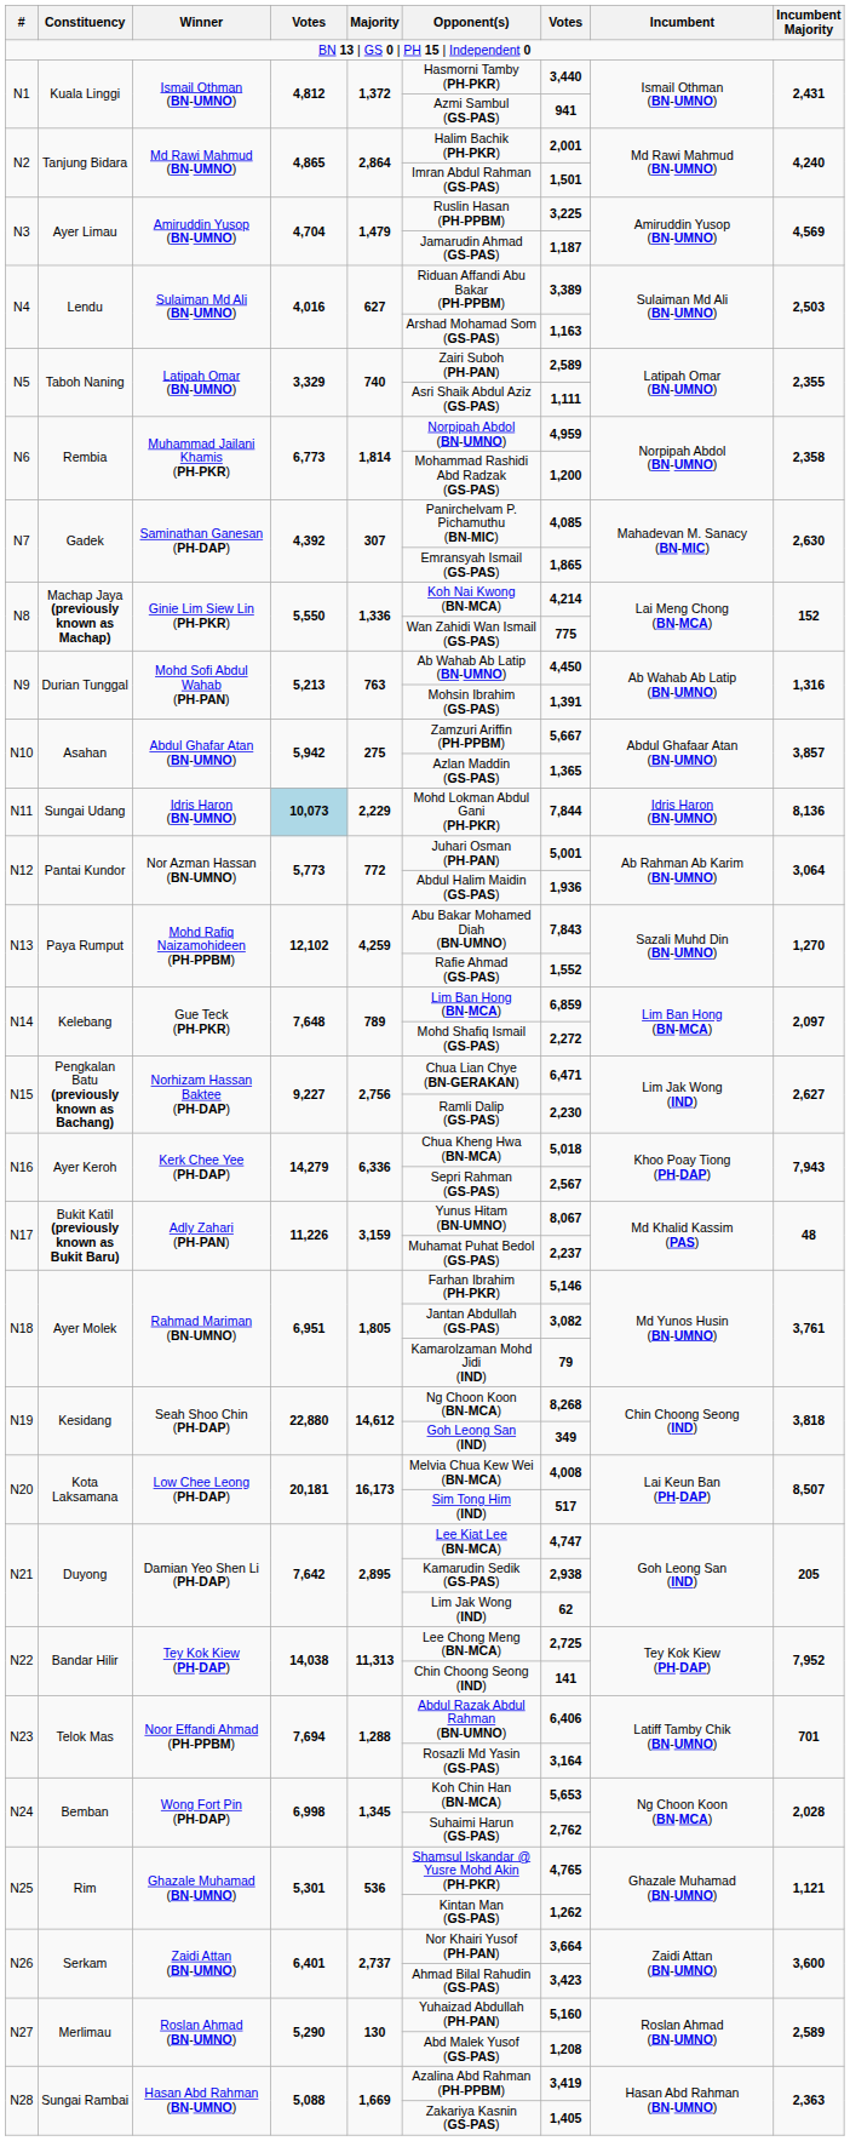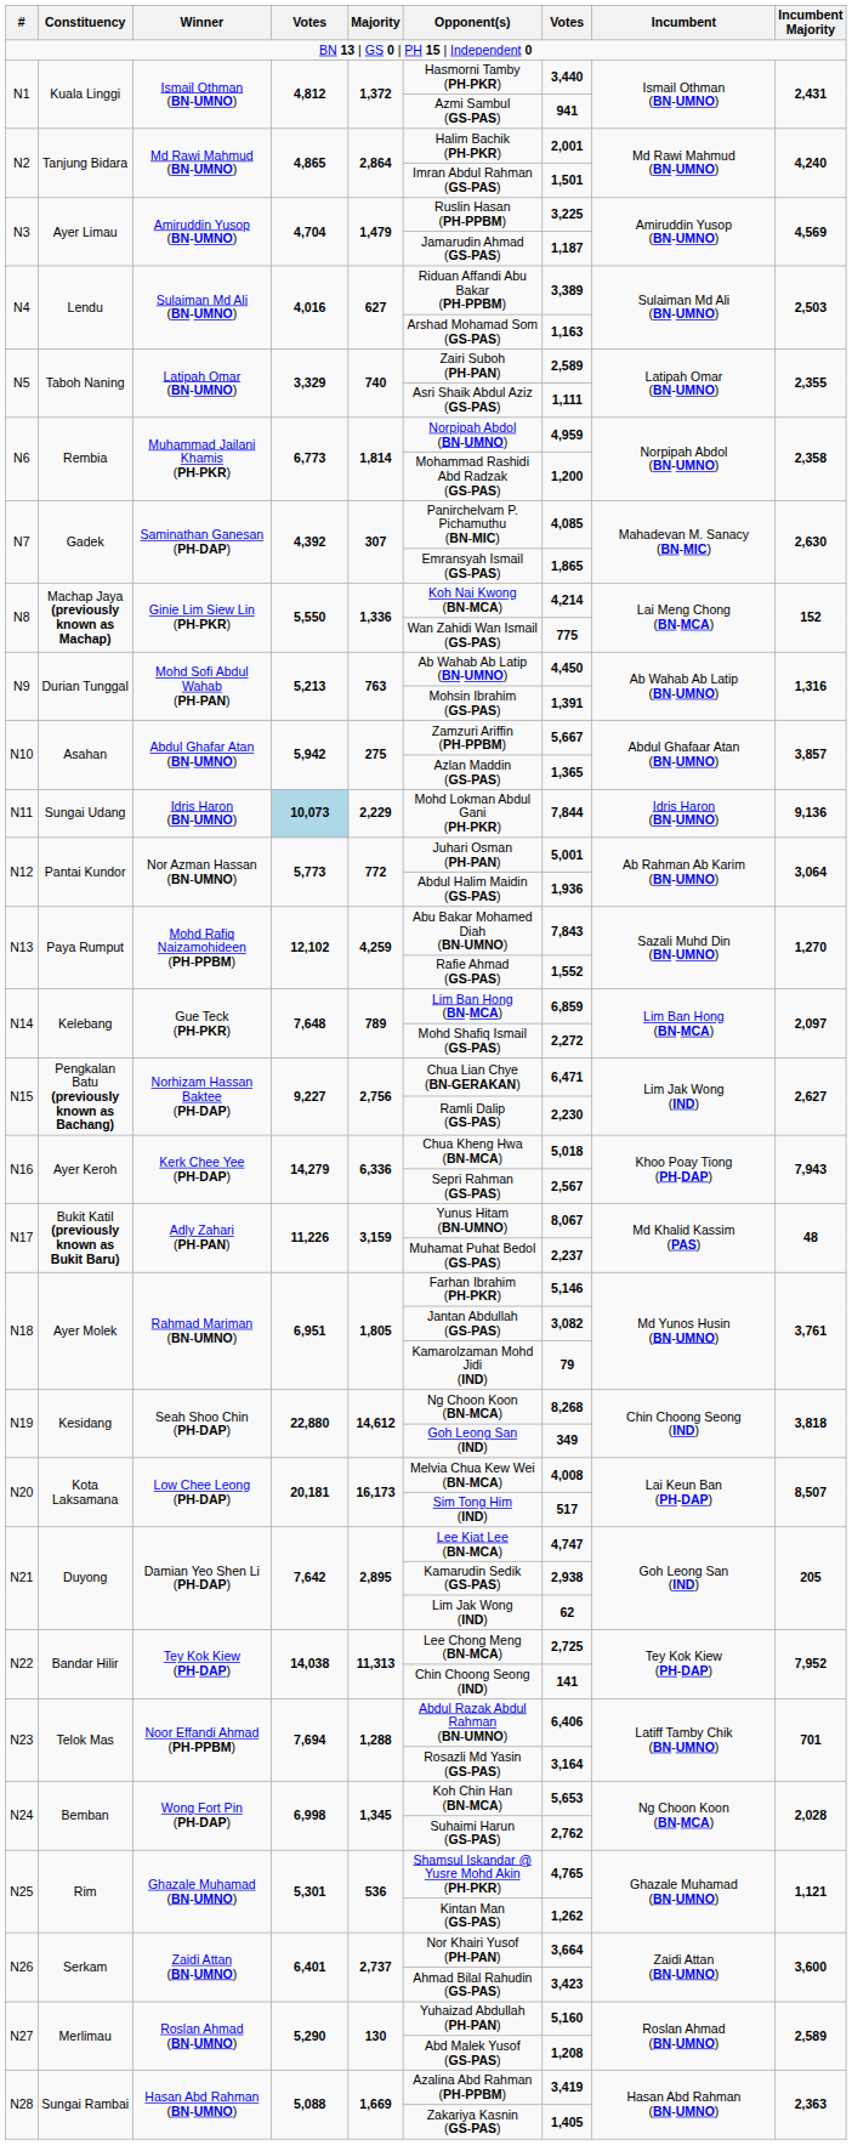 <table class="wikitable" style="text-align:center; font-size:90%">
 <tr>
 <th width="30">#</th>
 <th width="100">Constituency</th>
 <th width="150">Winner</th>
 <th width="80">Votes</th>
 <th width="50">Majority</th>
 <th width="150">Opponent(s)</th>
 <th width="50">Votes</th>
 <th width="200">Incumbent</th>
 <th width="50">Incumbent Majority</th>
 </tr>
 <tr>
 <td colspan="14"><a href='#'>BN</a> <strong>13</strong> | <a href='#'>GS</a> <strong>0</strong> | <a href='#'>PH</a> <strong>15</strong> | <a href='#'>Independent</a> <strong>0</strong></td>
 </tr>
 <tr align="center">
 <td rowspan="2">N1</td>
 <td rowspan="2">Kuala Linggi</td>
 <td rowspan="2"><a href='#'>Ismail Othman</a> <br> (<strong><a href='#'>BN</a></strong>-<strong><a href='#'>UMNO</a></strong>)</td>
 <td rowspan="2"><strong>4,812</strong></td>
 <td rowspan="2"><strong>1,372</strong></td>
 <td>Hasmorni Tamby <br>  (<strong>PH</strong>-<strong>PKR</strong>)</td>
 <td><strong>3,440</strong></td>
 <td rowspan="2">Ismail Othman <br> (<strong><a href='#'>BN</a></strong>-<strong><a href='#'>UMNO</a></strong>)</td>
 <td rowspan="2"><strong>2,431</strong></td>
 </tr>
 <tr>
 <td>Azmi Sambul <br>  (<strong>GS</strong>-<strong>PAS</strong>)</td>
 <td><strong>941</strong></td>
 </tr>
 <tr align="center">
 <td rowspan="2">N2</td>
 <td rowspan="2">Tanjung Bidara</td>
 <td rowspan="2"><a href='#'>Md Rawi Mahmud</a> <br> (<strong><a href='#'>BN</a></strong>-<strong><a href='#'>UMNO</a></strong>)</td>
 <td rowspan="2"><strong>4,865</strong></td>
 <td rowspan="2"><strong>2,864</strong></td>
 <td>Halim Bachik <br>  (<strong>PH</strong>-<strong>PKR</strong>)</td>
 <td><strong>2,001</strong></td>
 <td rowspan="2">Md Rawi Mahmud <br> (<strong><a href='#'>BN</a></strong>-<strong><a href='#'>UMNO</a></strong>)</td>
 <td rowspan="2"><strong>4,240</strong></td>
 </tr>
 <tr>
 <td>Imran Abdul Rahman <br>  (<strong>GS</strong>-<strong>PAS</strong>)</td>
 <td><strong>1,501</strong></td>
 </tr>
 <tr align="center">
 <td rowspan="2">N3</td>
 <td rowspan="2">Ayer Limau</td>
 <td rowspan="2"><a href='#'>Amiruddin Yusop</a> <br> (<strong><a href='#'>BN</a></strong>-<strong><a href='#'>UMNO</a></strong>)</td>
 <td rowspan="2"><strong>4,704</strong></td>
 <td rowspan="2"><strong>1,479</strong></td>
 <td>Ruslin Hasan <br>  (<strong>PH</strong>-<strong>PPBM</strong>)</td>
 <td><strong>3,225</strong></td>
 <td rowspan="2">Amiruddin Yusop <br> (<strong><a href='#'>BN</a></strong>-<strong><a href='#'>UMNO</a></strong>)</td>
 <td rowspan="2"><strong>4,569</strong></td>
 </tr>
 <tr>
 <td>Jamarudin Ahmad <br>  (<strong>GS</strong>-<strong>PAS</strong>)</td>
 <td><strong>1,187</strong></td>
 </tr>
 <tr align="center">
 <td rowspan="2">N4</td>
 <td rowspan="2">Lendu</td>
 <td rowspan="2"><a href='#'>Sulaiman Md Ali</a> <br> (<strong><a href='#'>BN</a></strong>-<strong><a href='#'>UMNO</a></strong>)</td>
 <td rowspan="2"><strong>4,016</strong></td>
 <td rowspan="2"><strong>627</strong></td>
 <td>Riduan Affandi Abu Bakar <br>  (<strong>PH</strong>-<strong>PPBM</strong>)</td>
 <td><strong>3,389</strong></td>
 <td rowspan="2">Sulaiman Md Ali <br> (<strong><a href='#'>BN</a></strong>-<strong><a href='#'>UMNO</a></strong>)</td>
 <td rowspan="2"><strong>2,503</strong></td>
 </tr>
 <tr>
 <td>Arshad Mohamad Som <br>  (<strong>GS</strong>-<strong>PAS</strong>)</td>
 <td><strong>1,163</strong></td>
 </tr>
 <tr align="center">
 <td rowspan="2">N5</td>
 <td rowspan="2">Taboh Naning</td>
 <td rowspan="2"><a href='#'>Latipah Omar</a> <br> (<strong><a href='#'>BN</a></strong>-<strong><a href='#'>UMNO</a></strong>)</td>
 <td rowspan="2"><strong>3,329</strong></td>
 <td rowspan="2"><strong>740</strong></td>
 <td>Zairi Suboh <br>  (<strong>PH</strong>-<strong>PAN</strong>)</td>
 <td><strong>2,589</strong></td>
 <td rowspan="2">Latipah Omar <br> (<strong><a href='#'>BN</a></strong>-<strong><a href='#'>UMNO</a></strong>)</td>
 <td rowspan="2"><strong>2,355</strong></td>
 </tr>
 <tr>
 <td>Asri Shaik Abdul Aziz <br>  (<strong>GS</strong>-<strong>PAS</strong>)</td>
 <td><strong>1,111</strong></td>
 </tr>
 <tr align="center">
 <td rowspan="2">N6</td>
 <td rowspan="2">Rembia</td>
 <td rowspan="2"><a href='#'>Muhammad Jailani Khamis</a> <br>  (<strong>PH</strong>-<strong>PKR</strong>)</td>
 <td rowspan="2"><strong>6,773</strong></td>
 <td rowspan="2"><strong>1,814</strong></td>
 <td><a href='#'>Norpipah Abdol</a> <br> (<strong><a href='#'>BN</a></strong>-<strong><a href='#'>UMNO</a></strong>)</td>
 <td><strong>4,959</strong></td>
 <td rowspan="2">Norpipah Abdol <br> (<strong><a href='#'>BN</a></strong>-<strong><a href='#'>UMNO</a></strong>)</td>
 <td rowspan="2"><strong>2,358</strong></td>
 </tr>
 <tr>
 <td>Mohammad Rashidi Abd Radzak <br>  (<strong>GS</strong>-<strong>PAS</strong>)</td>
 <td><strong>1,200</strong></td>
 </tr>
 <tr align="center">
 <td rowspan="2">N7</td>
 <td rowspan="2">Gadek</td>
 <td rowspan="2"><a href='#'>Saminathan Ganesan</a> <br>  (<strong>PH</strong>-<strong>DAP</strong>)</td>
 <td rowspan="2"><strong>4,392</strong></td>
 <td rowspan="2"><strong>307</strong></td>
 <td>Panirchelvam P. Pichamuthu <br>  (<strong>BN</strong>-<strong>MIC</strong>)</td>
 <td><strong>4,085</strong></td>
 <td rowspan="2">Mahadevan M. Sanacy <br> (<strong><a href='#'>BN</a></strong>-<strong><a href='#'>MIC</a></strong>)</td>
 <td rowspan="2"><strong>2,630</strong></td>
 </tr>
 <tr>
 <td>Emransyah Ismail <br>  (<strong>GS</strong>-<strong>PAS</strong>)</td>
 <td><strong>1,865</strong></td>
 </tr>
 <tr align="center">
 <td rowspan="2">N8</td>
 <td rowspan="2">Machap Jaya <strong>(previously known as Machap)</strong></td>
 <td rowspan="2"><a href='#'>Ginie Lim Siew Lin</a> <br>  (<strong>PH</strong>-<strong>PKR</strong>)</td>
 <td rowspan="2"><strong>5,550</strong></td>
 <td rowspan="2"><strong>1,336</strong></td>
 <td><a href='#'>Koh Nai Kwong</a> <br>  (<strong>BN</strong>-<strong>MCA</strong>)</td>
 <td><strong>4,214</strong></td>
 <td rowspan="2">Lai Meng Chong <br> (<strong><a href='#'>BN</a></strong>-<strong><a href='#'>MCA</a></strong>)</td>
 <td rowspan="2"><strong>152</strong></td>
 </tr>
 <tr>
 <td>Wan Zahidi Wan Ismail <br>  (<strong>GS</strong>-<strong>PAS</strong>)</td>
 <td><strong>775</strong></td>
 </tr>
 <tr align="center">
 <td rowspan="2">N9</td>
 <td rowspan="2">Durian Tunggal</td>
 <td rowspan="2"><a href='#'>Mohd Sofi Abdul Wahab</a> <br>  (<strong>PH</strong>-<strong>PAN</strong>)</td>
 <td rowspan="2"><strong>5,213</strong></td>
 <td rowspan="2"><strong>763</strong></td>
 <td>Ab Wahab Ab Latip <br> (<strong><a href='#'>BN</a></strong>-<strong><a href='#'>UMNO</a></strong>)</td>
 <td><strong>4,450</strong></td>
 <td rowspan="2">Ab Wahab Ab Latip <br> (<strong><a href='#'>BN</a></strong>-<strong><a href='#'>UMNO</a></strong>)</td>
 <td rowspan="2"><strong>1,316</strong></td>
 </tr>
 <tr>
 <td>Mohsin Ibrahim <br>  (<strong>GS</strong>-<strong>PAS</strong>)</td>
 <td><strong>1,391</strong></td>
 </tr>
 <tr align="center">
 <td rowspan="2">N10</td>
 <td rowspan="2">Asahan</td>
 <td rowspan="2"><a href='#'>Abdul Ghafar Atan</a> <br> (<strong><a href='#'>BN</a></strong>-<strong><a href='#'>UMNO</a></strong>)</td>
 <td rowspan="2"><strong>5,942</strong></td>
 <td rowspan="2"><strong>275</strong></td>
 <td>Zamzuri Ariffin <br>  (<strong>PH</strong>-<strong>PPBM</strong>)</td>
 <td><strong>5,667</strong></td>
 <td rowspan="2">Abdul Ghafaar Atan <br> (<strong><a href='#'>BN</a></strong>-<strong><a href='#'>UMNO</a></strong>)</td>
 <td rowspan="2"><strong>3,857</strong></td>
 </tr>
 <tr>
 <td>Azlan Maddin <br>  (<strong>GS</strong>-<strong>PAS</strong>)</td>
 <td><strong>1,365</strong></td>
 </tr>
 <tr align="center">
 <td>N11</td>
 <td>Sungai Udang</td>
 <td><a href='#'>Idris Haron</a> <br> (<strong><a href='#'>BN</a></strong>-<strong><a href='#'>UMNO</a></strong>)</td>
 <td style="background: lightblue;"><strong>10,073</strong></td>
 <td><strong>2,229</strong></td>
 <td>Mohd Lokman Abdul Gani <br>  (<strong>PH</strong>-<strong>PKR</strong>)</td>
 <td><strong>7,844</strong></td>
 <td><a href='#'>Idris Haron</a> <br> (<strong><a href='#'>BN</a></strong>-<strong><a href='#'>UMNO</a></strong>)</td>
-<td><strong>8,136</strong></td>
+<td><strong>9,136</strong></td>
 </tr>
 <tr align="center">
 <td rowspan="2">N12</td>
 <td rowspan="2">Pantai Kundor</td>
 <td rowspan="2">Nor Azman Hassan <br>  (<strong>BN</strong>-<strong>UMNO</strong>)</td>
 <td rowspan="2"><strong>5,773</strong></td>
 <td rowspan="2"><strong>772</strong></td>
 <td>Juhari Osman <br>  (<strong>PH</strong>-<strong>PAN</strong>)</td>
 <td><strong>5,001</strong></td>
 <td rowspan="2">Ab Rahman Ab Karim <br> (<strong><a href='#'>BN</a></strong>-<strong><a href='#'>UMNO</a></strong>)</td>
 <td rowspan="2"><strong>3,064</strong></td>
 </tr>
 <tr>
 <td>Abdul Halim Maidin <br>  (<strong>GS</strong>-<strong>PAS</strong>)</td>
 <td><strong>1,936</strong></td>
 </tr>
 <tr align="center">
 <td rowspan="2">N13</td>
 <td rowspan="2">Paya Rumput</td>
 <td rowspan="2"><a href='#'>Mohd Rafiq Naizamohideen</a> <br>  (<strong>PH</strong>-<strong>PPBM</strong>)</td>
 <td rowspan="2"><strong>12,102</strong></td>
 <td rowspan="2"><strong>4,259</strong></td>
 <td>Abu Bakar Mohamed Diah <br>  (<strong>BN</strong>-<strong>UMNO</strong>)</td>
 <td><strong>7,843</strong></td>
 <td rowspan="2">Sazali Muhd Din <br> (<strong><a href='#'>BN</a></strong>-<strong><a href='#'>UMNO</a></strong>)</td>
 <td rowspan="2"><strong>1,270</strong></td>
 </tr>
 <tr>
 <td>Rafie Ahmad <br>  (<strong>GS</strong>-<strong>PAS</strong>)</td>
 <td><strong>1,552</strong></td>
 </tr>
 <tr align="center">
 <td rowspan="2">N14</td>
 <td rowspan="2">Kelebang</td>
 <td rowspan="2">Gue Teck <br>  (<strong>PH</strong>-<strong>PKR</strong>)</td>
 <td rowspan="2"><strong>7,648</strong></td>
 <td rowspan="2"><strong>789</strong></td>
 <td><a href='#'>Lim Ban Hong</a> <br> (<strong><a href='#'>BN</a></strong>-<strong><a href='#'>MCA</a></strong>)</td>
 <td><strong>6,859</strong></td>
 <td rowspan="2"><a href='#'>Lim Ban Hong</a> <br> (<strong><a href='#'>BN</a></strong>-<strong><a href='#'>MCA</a></strong>)</td>
 <td rowspan="2"><strong>2,097</strong></td>
 </tr>
 <tr>
 <td>Mohd Shafiq Ismail <br>  (<strong>GS</strong>-<strong>PAS</strong>)</td>
 <td><strong>2,272</strong></td>
 </tr>
 <tr align="center">
 <td rowspan="2">N15</td>
 <td rowspan="2">Pengkalan Batu <strong>(previously known as Bachang)</strong></td>
 <td rowspan="2"><a href='#'>Norhizam Hassan Baktee</a> <br>  (<strong>PH</strong>-<strong>DAP</strong>)</td>
 <td rowspan="2"><strong>9,227</strong></td>
 <td rowspan="2"><strong>2,756</strong></td>
 <td>Chua Lian Chye <br>  (<strong>BN</strong>-<strong>GERAKAN</strong>)</td>
 <td><strong>6,471</strong></td>
 <td rowspan="2">Lim Jak Wong <br>(<strong><a href='#'>IND</a></strong>)</td>
 <td rowspan="2"><strong>2,627</strong></td>
 </tr>
 <tr>
 <td>Ramli Dalip <br>  (<strong>GS</strong>-<strong>PAS</strong>)</td>
 <td><strong>2,230</strong></td>
 </tr>
 <tr align="center">
 <td rowspan="2">N16</td>
 <td rowspan="2">Ayer Keroh</td>
 <td rowspan="2"><a href='#'>Kerk Chee Yee</a> <br>  (<strong>PH</strong>-<strong>DAP</strong>)</td>
 <td rowspan="2"><strong>14,279</strong></td>
 <td rowspan="2"><strong>6,336</strong></td>
 <td>Chua Kheng Hwa <br>  (<strong>BN</strong>-<strong>MCA</strong>)</td>
 <td><strong>5,018</strong></td>
 <td rowspan="2">Khoo Poay Tiong <br>(<strong><a href='#'>PH</a></strong>-<strong><a href='#'>DAP</a></strong>)</td>
 <td rowspan="2"><strong>7,943</strong></td>
 </tr>
 <tr>
 <td>Sepri Rahman <br>  (<strong>GS</strong>-<strong>PAS</strong>)</td>
 <td><strong>2,567</strong></td>
 </tr>
 <tr align="center">
 <td rowspan="2">N17</td>
 <td rowspan="2">Bukit Katil <strong>(previously known as Bukit Baru)</strong></td>
 <td rowspan="2"><a href='#'>Adly Zahari</a> <br>  (<strong>PH</strong>-<strong>PAN</strong>)</td>
 <td rowspan="2"><strong>11,226</strong></td>
 <td rowspan="2"><strong>3,159</strong></td>
 <td>Yunus Hitam <br> (<strong>BN</strong>-<strong>UMNO</strong>)</td>
 <td><strong>8,067</strong></td>
 <td rowspan="2">Md Khalid Kassim <br> (<strong><a href='#'>PAS</a></strong>)</td>
 <td rowspan="2"><strong>48</strong></td>
 </tr>
 <tr>
 <td>Muhamat Puhat Bedol <br>  (<strong>GS</strong>-<strong>PAS</strong>)</td>
 <td><strong>2,237</strong></td>
 </tr>
 <tr align="center">
 <td rowspan="3">N18</td>
 <td rowspan="3">Ayer Molek</td>
 <td rowspan="3"><a href='#'>Rahmad Mariman</a> <br>  (<strong>BN</strong>-<strong>UMNO</strong>)</td>
 <td rowspan="3"><strong>6,951</strong></td>
 <td rowspan="3"><strong>1,805</strong></td>
 <td>Farhan Ibrahim <br>  (<strong>PH</strong>-<strong>PKR</strong>)</td>
 <td><strong>5,146</strong></td>
 <td rowspan="3">Md Yunos Husin <br> (<strong><a href='#'>BN</a></strong>-<strong><a href='#'>UMNO</a></strong>)</td>
 <td rowspan="3"><strong>3,761</strong></td>
 </tr>
 <tr>
 <td>Jantan Abdullah <br>  (<strong>GS</strong>-<strong>PAS</strong>)</td>
 <td><strong>3,082</strong></td>
 </tr>
 <tr>
 <td>Kamarolzaman Mohd Jidi <br>  (<strong>IND</strong>)</td>
 <td><strong>79</strong></td>
 </tr>
 <tr align="center">
 <td rowspan="2">N19</td>
 <td rowspan="2">Kesidang</td>
 <td rowspan="2">Seah Shoo Chin <br>  (<strong>PH</strong>-<strong>DAP</strong>)</td>
 <td rowspan="2"><strong>22,880</strong></td>
 <td rowspan="2"><strong>14,612</strong></td>
 <td>Ng Choon Koon <br>  (<strong>BN</strong>-<strong>MCA</strong>)</td>
 <td><strong>8,268</strong></td>
 <td rowspan="2">Chin Choong Seong <br>(<strong><a href='#'>IND</a></strong>)</td>
 <td rowspan="2"><strong>3,818</strong></td>
 </tr>
 <tr>
 <td><a href='#'>Goh Leong San</a> <br>  (<strong>IND</strong>)</td>
 <td><strong>349</strong></td>
 </tr>
 <tr align="center">
 <td rowspan="2">N20</td>
 <td rowspan="2">Kota Laksamana</td>
 <td rowspan="2"><a href='#'>Low Chee Leong</a> <br>  (<strong>PH</strong>-<strong>DAP</strong>)</td>
 <td rowspan="2"><strong>20,181</strong></td>
 <td rowspan="2"><strong>16,173</strong></td>
 <td>Melvia Chua Kew Wei <br>  (<strong>BN</strong>-<strong>MCA</strong>)</td>
 <td><strong>4,008</strong></td>
 <td rowspan="2">Lai Keun Ban <br>(<strong><a href='#'>PH</a></strong>-<strong><a href='#'>DAP</a></strong>)</td>
 <td rowspan="2"><strong>8,507</strong></td>
 </tr>
 <tr>
 <td><a href='#'>Sim Tong Him</a> <br>  (<strong>IND</strong>)</td>
 <td><strong>517</strong></td>
 </tr>
 <tr align="center">
 <td rowspan="3">N21</td>
 <td rowspan="3">Duyong</td>
 <td rowspan="3">Damian Yeo Shen Li <br>  (<strong>PH</strong>-<strong>DAP</strong>)</td>
 <td rowspan="3"><strong>7,642</strong></td>
 <td rowspan="3"><strong>2,895</strong></td>
 <td><a href='#'>Lee Kiat Lee</a> <br>  (<strong>BN</strong>-<strong>MCA</strong>)</td>
 <td><strong>4,747</strong></td>
 <td rowspan="3">Goh Leong San <br> (<strong><a href='#'>IND</a></strong>)</td>
 <td rowspan="3"><strong>205</strong></td>
 </tr>
 <tr>
 <td>Kamarudin Sedik  <br> (<strong>GS</strong>-<strong>PAS</strong>)</td>
 <td><strong>2,938</strong></td>
 </tr>
 <tr>
 <td>Lim Jak Wong <br>  (<strong>IND</strong>)</td>
 <td><strong>62</strong></td>
 </tr>
 <tr align="center">
 <td rowspan="2">N22</td>
 <td rowspan="2">Bandar Hilir</td>
 <td rowspan="2"><a href='#'>Tey Kok Kiew</a> <br>(<strong><a href='#'>PH</a></strong>-<strong><a href='#'>DAP</a></strong>)</td>
 <td rowspan="2"><strong>14,038</strong></td>
 <td rowspan="2"><strong>11,313</strong></td>
 <td>Lee Chong Meng <br>  (<strong>BN</strong>-<strong>MCA</strong>)</td>
 <td><strong>2,725</strong></td>
 <td rowspan="2">Tey Kok Kiew <br>(<strong><a href='#'>PH</a></strong>-<strong><a href='#'>DAP</a></strong>)</td>
 <td rowspan="2"><strong>7,952</strong></td>
 </tr>
 <tr>
 <td>Chin Choong Seong <br>  (<strong>IND</strong>)</td>
 <td><strong>141</strong></td>
 </tr>
 <tr align="center">
 <td rowspan="2">N23</td>
 <td rowspan="2">Telok Mas</td>
 <td rowspan="2"><a href='#'>Noor Effandi Ahmad</a> <br>  (<strong>PH</strong>-<strong>PPBM</strong>)</td>
 <td rowspan="2"><strong>7,694</strong></td>
 <td rowspan="2"><strong>1,288</strong></td>
 <td><a href='#'>Abdul Razak Abdul Rahman</a> <br>  (<strong>BN</strong>-<strong>UMNO</strong>)</td>
 <td><strong>6,406</strong></td>
 <td rowspan="2">Latiff Tamby Chik <br> (<strong><a href='#'>BN</a></strong>-<strong><a href='#'>UMNO</a></strong>)</td>
 <td rowspan="2"><strong>701</strong></td>
 </tr>
 <tr>
 <td>Rosazli Md Yasin <br>  (<strong>GS</strong>-<strong>PAS</strong>)</td>
 <td><strong>3,164</strong></td>
 </tr>
 <tr align="center">
 <td rowspan="2">N24</td>
 <td rowspan="2">Bemban</td>
 <td rowspan="2"><a href='#'>Wong Fort Pin</a> <br>  (<strong>PH</strong>-<strong>DAP</strong>)</td>
 <td rowspan="2"><strong>6,998</strong></td>
 <td rowspan="2"><strong>1,345</strong></td>
 <td>Koh Chin Han <br>  (<strong>BN</strong>-<strong>MCA</strong>)</td>
 <td><strong>5,653</strong></td>
 <td rowspan="2">Ng Choon Koon <br> (<strong><a href='#'>BN</a></strong>-<strong><a href='#'>MCA</a></strong>)</td>
 <td rowspan="2"><strong>2,028</strong></td>
 </tr>
 <tr>
 <td>Suhaimi Harun <br>  (<strong>GS</strong>-<strong>PAS</strong>)</td>
 <td><strong>2,762</strong></td>
 </tr>
 <tr align="center">
 <td rowspan="2">N25</td>
 <td rowspan="2">Rim</td>
 <td rowspan="2"><a href='#'>Ghazale Muhamad</a> <br> (<strong><a href='#'>BN</a></strong>-<strong><a href='#'>UMNO</a></strong>)</td>
 <td rowspan="2"><strong>5,301</strong></td>
 <td rowspan="2"><strong>536</strong></td>
 <td><a href='#'>Shamsul Iskandar @ Yusre Mohd Akin</a><br>  (<strong>PH</strong>-<strong>PKR</strong>)</td>
 <td><strong>4,765</strong></td>
 <td rowspan="2">Ghazale Muhamad <br> (<strong><a href='#'>BN</a></strong>-<strong><a href='#'>UMNO</a></strong>)</td>
 <td rowspan="2"><strong>1,121</strong></td>
 </tr>
 <tr>
 <td>Kintan Man <br>  (<strong>GS</strong>-<strong>PAS</strong>)</td>
 <td><strong>1,262</strong></td>
 </tr>
 <tr align="center">
 <td rowspan="2">N26</td>
 <td rowspan="2">Serkam</td>
 <td rowspan="2"><a href='#'>Zaidi Attan</a> <br> (<strong><a href='#'>BN</a></strong>-<strong><a href='#'>UMNO</a></strong>)</td>
 <td rowspan="2"><strong>6,401</strong></td>
 <td rowspan="2"><strong>2,737</strong></td>
 <td>Nor Khairi Yusof <br>  (<strong>PH</strong>-<strong>PAN</strong>)</td>
 <td><strong>3,664</strong></td>
 <td rowspan="2">Zaidi Attan <br> (<strong><a href='#'>BN</a></strong>-<strong><a href='#'>UMNO</a></strong>)</td>
 <td rowspan="2"><strong>3,600</strong></td>
 </tr>
 <tr>
 <td>Ahmad Bilal Rahudin <br>  (<strong>GS</strong>-<strong>PAS</strong>)</td>
 <td><strong>3,423</strong></td>
 </tr>
 <tr align="center">
 <td rowspan="2">N27</td>
 <td rowspan="2">Merlimau</td>
 <td rowspan="2"><a href='#'>Roslan Ahmad</a> <br> (<strong><a href='#'>BN</a></strong>-<strong><a href='#'>UMNO</a></strong>)</td>
 <td rowspan="2"><strong>5,290</strong></td>
 <td rowspan="2"><strong>130</strong></td>
 <td>Yuhaizad Abdullah <br>  (<strong>PH</strong>-<strong>PAN</strong>)</td>
 <td><strong>5,160</strong></td>
 <td rowspan="2">Roslan Ahmad <br> (<strong><a href='#'>BN</a></strong>-<strong><a href='#'>UMNO</a></strong>)</td>
 <td rowspan="2"><strong>2,589</strong></td>
 </tr>
 <tr>
 <td>Abd Malek Yusof <br>  (<strong>GS</strong>-<strong>PAS</strong>)</td>
 <td><strong>1,208</strong></td>
 </tr>
 <tr align="center">
 <td rowspan="2">N28</td>
 <td rowspan="2">Sungai Rambai</td>
 <td rowspan="2"><a href='#'>Hasan Abd Rahman</a> <br> (<strong><a href='#'>BN</a></strong>-<strong><a href='#'>UMNO</a></strong>)</td>
 <td rowspan="2"><strong>5,088</strong></td>
 <td rowspan="2"><strong>1,669</strong></td>
 <td>Azalina Abd Rahman <br>  (<strong>PH</strong>-<strong>PPBM</strong>)</td>
 <td><strong>3,419</strong></td>
 <td rowspan="2">Hasan Abd Rahman <br> (<strong><a href='#'>BN</a></strong>-<strong><a href='#'>UMNO</a></strong>)</td>
 <td rowspan="2"><strong>2,363</strong></td>
 </tr>
 <tr>
 <td>Zakariya Kasnin <br>  (<strong>GS</strong>-<strong>PAS</strong>)</td>
 <td><strong>1,405</strong></td>
 </tr>
 </table>
